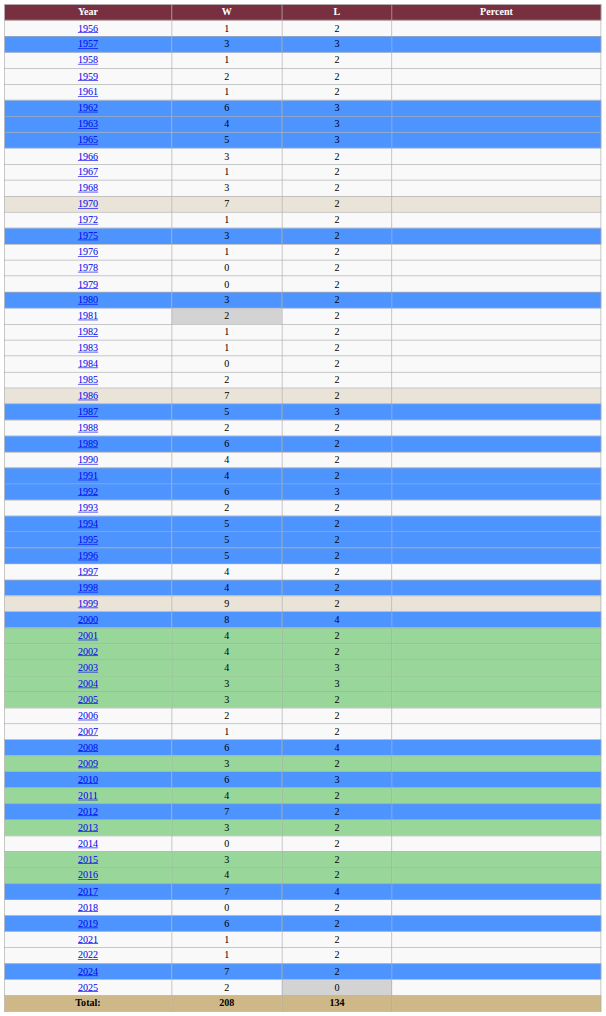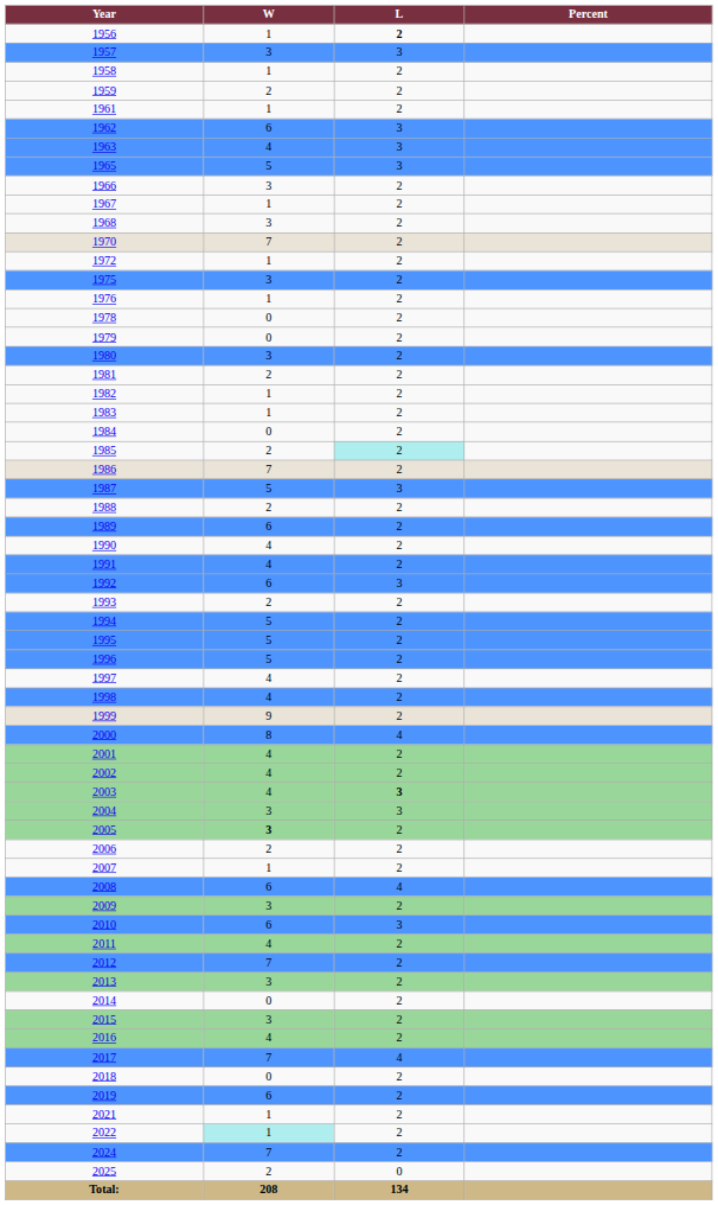 <table cellpadding="1" style="width:75%;" class="wikitable collapsible collapsed">
 <tr>
 <th style="background:#782F40; color:white;">Year</th>
 <th style="background:#782F40; color:white;">W</th>
 <th style="background:#782F40; color:white;">L</th>
 <th style="background:#782F40; color:white;">Percent</th>
 </tr>
 <tr style="text-align:center;">
 <td><a href='#'>1956</a></td>
 <td>1</td>
-<td>2</td>
+<td><strong>2</strong></td>
 <td></td>
 </tr>
 <tr style="text-align:center; background:#4D94FF;">
 <td><a href='#'>1957</a></td>
 <td>3</td>
 <td>3</td>
 <td></td>
 </tr>
 <tr style="text-align:center;">
 <td><a href='#'>1958</a></td>
 <td>1</td>
 <td>2</td>
 <td></td>
 </tr>
 <tr style="text-align:center;">
 <td><a href='#'>1959</a></td>
 <td>2</td>
 <td>2</td>
 <td></td>
 </tr>
 <tr style="text-align:center;">
 <td><a href='#'>1961</a></td>
 <td>1</td>
 <td>2</td>
 <td></td>
 </tr>
 <tr style="text-align:center; background:#4D94FF;">
 <td><a href='#'>1962</a></td>
 <td>6</td>
 <td>3</td>
 <td></td>
 </tr>
 <tr style="text-align:center; background:#4D94FF;">
 <td><a href='#'>1963</a></td>
 <td>4</td>
 <td>3</td>
 <td></td>
 </tr>
 <tr style="text-align:center; background:#4D94FF;">
 <td><a href='#'>1965</a></td>
 <td>5</td>
 <td>3</td>
 <td></td>
 </tr>
 <tr style="text-align:center;">
 <td><a href='#'>1966</a></td>
 <td>3</td>
 <td>2</td>
 <td></td>
 </tr>
 <tr style="text-align:center;">
 <td><a href='#'>1967</a></td>
 <td>1</td>
 <td>2</td>
 <td></td>
 </tr>
 <tr style="text-align:center;">
 <td><a href='#'>1968</a></td>
 <td>3</td>
 <td>2</td>
 <td></td>
 </tr>
 <tr style="text-align:center; background:#EAE3D8;">
 <td><a href='#'>1970</a></td>
 <td>7</td>
 <td>2</td>
 <td></td>
 </tr>
 <tr style="text-align:center;">
 <td><a href='#'>1972</a></td>
 <td>1</td>
 <td>2</td>
 <td></td>
 </tr>
 <tr style="text-align:center; background:#4D94FF;">
 <td><a href='#'>1975</a></td>
 <td>3</td>
 <td>2</td>
 <td></td>
 </tr>
 <tr style="text-align:center;">
 <td><a href='#'>1976</a></td>
 <td>1</td>
 <td>2</td>
 <td></td>
 </tr>
 <tr style="text-align:center;">
 <td><a href='#'>1978</a></td>
 <td>0</td>
 <td>2</td>
 <td></td>
 </tr>
 <tr style="text-align:center;">
 <td><a href='#'>1979</a></td>
 <td>0</td>
 <td>2</td>
 <td></td>
 </tr>
 <tr style="text-align:center; background:#4D94FF;">
 <td><a href='#'>1980</a></td>
 <td>3</td>
 <td>2</td>
 <td></td>
 </tr>
 <tr style="text-align:center;">
 <td><a href='#'>1981</a></td>
-<td style="background: lightgrey;">2</td>
+<td>2</td>
 <td>2</td>
 <td></td>
 </tr>
 <tr style="text-align:center;">
 <td><a href='#'>1982</a></td>
 <td>1</td>
 <td>2</td>
 <td></td>
 </tr>
 <tr style="text-align:center;">
 <td><a href='#'>1983</a></td>
 <td>1</td>
 <td>2</td>
 <td></td>
 </tr>
 <tr style="text-align:center;">
 <td><a href='#'>1984</a></td>
 <td>0</td>
 <td>2</td>
 <td></td>
 </tr>
 <tr style="text-align:center;">
 <td><a href='#'>1985</a></td>
 <td>2</td>
-<td>2</td>
+<td style="background: paleturquoise;">2</td>
 <td></td>
 </tr>
 <tr style="text-align:center; background:#EAE3D8;">
 <td><a href='#'>1986</a></td>
 <td>7</td>
 <td>2</td>
 <td></td>
 </tr>
 <tr style="text-align:center; background:#4D94FF;">
 <td><a href='#'>1987</a></td>
 <td>5</td>
 <td>3</td>
 <td></td>
 </tr>
 <tr style="text-align:center;">
 <td><a href='#'>1988</a></td>
 <td>2</td>
 <td>2</td>
 <td></td>
 </tr>
 <tr style="text-align:center; background:#4D94FF;">
 <td><a href='#'>1989</a></td>
 <td>6</td>
 <td>2</td>
 <td></td>
 </tr>
 <tr style="text-align:center;">
 <td><a href='#'>1990</a></td>
 <td>4</td>
 <td>2</td>
 <td></td>
 </tr>
 <tr style="text-align:center; background:#4D94FF;">
 <td><a href='#'>1991</a></td>
 <td>4</td>
 <td>2</td>
 <td></td>
 </tr>
 <tr style="text-align:center; background:#4D94FF;">
 <td><a href='#'>1992</a></td>
 <td>6</td>
 <td>3</td>
 <td></td>
 </tr>
 <tr style="text-align:center;">
 <td><a href='#'>1993</a></td>
 <td>2</td>
 <td>2</td>
 <td></td>
 </tr>
 <tr style="text-align:center; background:#4D94FF;">
 <td><a href='#'>1994</a></td>
 <td>5</td>
 <td>2</td>
 <td></td>
 </tr>
 <tr style="text-align:center; background:#4D94FF;">
 <td><a href='#'>1995</a></td>
 <td>5</td>
 <td>2</td>
 <td></td>
 </tr>
 <tr style="text-align:center; background:#4D94FF;">
 <td><a href='#'>1996</a></td>
 <td>5</td>
 <td>2</td>
 <td></td>
 </tr>
 <tr style="text-align:center;">
 <td><a href='#'>1997</a></td>
 <td>4</td>
 <td>2</td>
 <td></td>
 </tr>
 <tr style="text-align:center; background:#4D94FF;">
 <td><a href='#'>1998</a></td>
 <td>4</td>
 <td>2</td>
 <td></td>
 </tr>
 <tr style="text-align:center; background:#EAE3D8;">
 <td><a href='#'>1999</a></td>
 <td>9</td>
 <td>2</td>
 <td></td>
 </tr>
 <tr style="text-align:center; background:#4D94FF;">
 <td><a href='#'>2000</a></td>
 <td>8</td>
 <td>4</td>
 <td></td>
 </tr>
 <tr style="text-align:center; background:#99D699;">
 <td><a href='#'>2001</a></td>
 <td>4</td>
 <td>2</td>
 <td></td>
 </tr>
 <tr style="text-align:center; background:#99D699;">
 <td><a href='#'>2002</a></td>
 <td>4</td>
 <td>2</td>
 <td></td>
 </tr>
 <tr style="text-align:center; background:#99D699;">
 <td><a href='#'>2003</a></td>
 <td>4</td>
-<td>3</td>
+<td><strong>3</strong></td>
 <td></td>
 </tr>
 <tr style="text-align:center; background:#99D699;">
 <td><a href='#'>2004</a></td>
 <td>3</td>
 <td>3</td>
 <td></td>
 </tr>
 <tr style="text-align:center; background:#99D699;">
 <td><a href='#'>2005</a></td>
-<td>3</td>
+<td><strong>3</strong></td>
 <td>2</td>
 <td></td>
 </tr>
 <tr style="text-align:center;">
 <td><a href='#'>2006</a></td>
 <td>2</td>
 <td>2</td>
 <td></td>
 </tr>
 <tr style="text-align:center;">
 <td><a href='#'>2007</a></td>
 <td>1</td>
 <td>2</td>
 <td></td>
 </tr>
 <tr style="text-align:center; background:#4D94FF;">
 <td><a href='#'>2008</a></td>
 <td>6</td>
 <td>4</td>
 <td></td>
 </tr>
 <tr style="text-align:center; background:#99D699;">
 <td><a href='#'>2009</a></td>
 <td>3</td>
 <td>2</td>
 <td></td>
 </tr>
 <tr style="text-align:center; background:#4D94FF;">
 <td><a href='#'>2010</a></td>
 <td>6</td>
 <td>3</td>
 <td></td>
 </tr>
 <tr style="text-align:center; background:#99D699;">
 <td><a href='#'>2011</a></td>
 <td>4</td>
 <td>2</td>
 <td></td>
 </tr>
 <tr style="text-align:center; background:#4D94FF;">
 <td><a href='#'>2012</a></td>
 <td>7</td>
 <td>2</td>
 <td></td>
 </tr>
 <tr style="text-align:center; background:#99D699;">
 <td><a href='#'>2013</a></td>
 <td>3</td>
 <td>2</td>
 <td></td>
 </tr>
 <tr style="text-align:center;">
 <td><a href='#'>2014</a></td>
 <td>0</td>
 <td>2</td>
 <td></td>
 </tr>
 <tr style="text-align:center; background:#99D699;">
 <td><a href='#'>2015</a></td>
 <td>3</td>
 <td>2</td>
 <td></td>
 </tr>
 <tr style="text-align:center; background:#99D699;">
 <td><a href='#'>2016</a></td>
 <td>4</td>
 <td>2</td>
 <td></td>
 </tr>
 <tr style="text-align:center; background:#4D94FF;">
 <td><a href='#'>2017</a></td>
 <td>7</td>
 <td>4</td>
 <td></td>
 </tr>
 <tr style="text-align:center;">
 <td><a href='#'>2018</a></td>
 <td>0</td>
 <td>2</td>
 <td></td>
 </tr>
 <tr style="text-align:center; background:#4D94FF;">
 <td><a href='#'>2019</a></td>
 <td>6</td>
 <td>2</td>
 <td></td>
 </tr>
 <tr style="text-align:center;">
 <td><a href='#'>2021</a></td>
 <td>1</td>
 <td>2</td>
 <td></td>
 </tr>
 <tr style="text-align:center;">
 <td><a href='#'>2022</a></td>
-<td>1</td>
+<td style="background: paleturquoise;">1</td>
 <td>2</td>
 <td></td>
 </tr>
 <tr style="text-align:center; background:#4D94FF;">
 <td><a href='#'>2024</a></td>
 <td>7</td>
 <td>2</td>
 <td></td>
 </tr>
 <tr style="text-align:center;">
 <td><a href='#'>2025</a></td>
 <td>2</td>
-<td style="background: lightgrey;">0</td>
+<td>0</td>
 <td></td>
 </tr>
 <tr style="text-align:center;" class="sortbottom">
 <th style="background:#CEB888; color:black;">Total:</th>
 <th style="background:#CEB888; color:black;">208</th>
 <th style="background:#CEB888; color:black;">134</th>
 <th style="background:#CEB888; color:black;"></th>
 </tr>
 </table>
